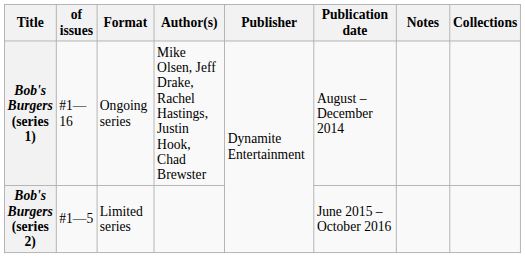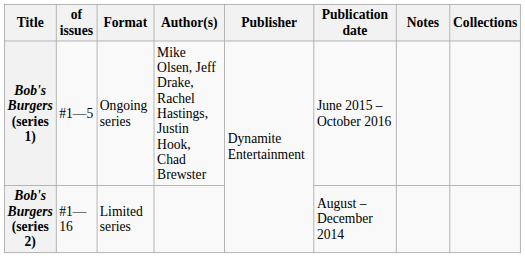 <table class="wikitable">
 <tr>
 <th>Title</th>
 <th style="width:40pt"> of issues</th>
 <th style="width:75pt">Format</th>
 <th style="width:125pt">Author(s)</th>
 <th style="width:125pt">Publisher</th>
 <th style="width:150pt">Publication date</th>
 <th style="width:175pt">Notes</th>
 <th>Collections</th>
 </tr>
 <tr>
 <th><em>Bob's Burgers</em> (series 1)</th>
-<td>#1—16</td>
+<td>#1—5</td>
 <td>Ongoing series</td>
 <td>Mike Olsen, Jeff Drake, Rachel Hastings, Justin Hook, Chad Brewster</td>
 <td rowspan="2">Dynamite Entertainment</td>
-<td>August – December 2014</td>
+<td>June 2015 – October 2016</td>
 <td></td>
 <td></td>
 </tr>
 <tr>
 <th><em>Bob's Burgers</em> (series 2)</th>
-<td>#1—5</td>
+<td>#1—16</td>
 <td>Limited series</td>
 <td></td>
-<td>June 2015 – October 2016</td>
+<td>August – December 2014</td>
 <td></td>
 <td></td>
 </tr>
 </table>
